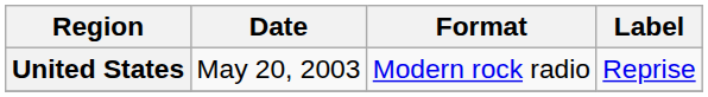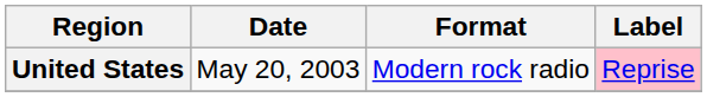 <table class="wikitable plainrowheaders">
 <tr>
 <th scope="col">Region</th>
 <th scope="col">Date</th>
 <th scope="col">Format</th>
 <th scope="col">Label</th>
 </tr>
 <tr>
 <th scope="row">United States</th>
 <td>May 20, 2003</td>
 <td><a href='#'>Modern rock</a> radio</td>
-<td><a href='#'>Reprise</a></td>
+<td style="background: pink;"><a href='#'>Reprise</a></td>
 </tr>
 <tr>
 </tr>
 </table>
